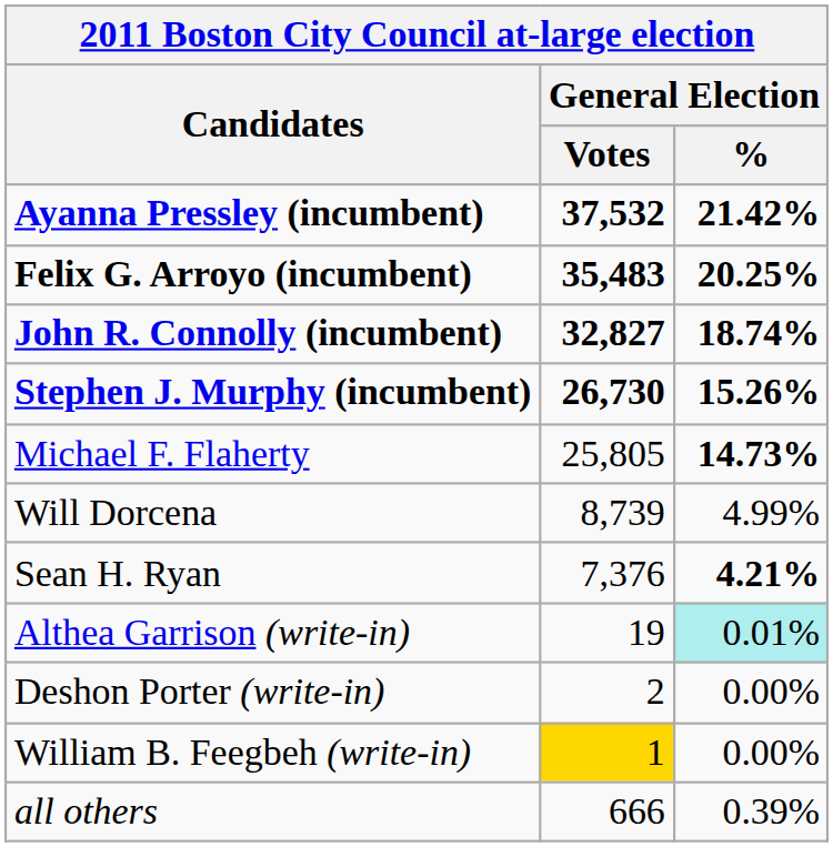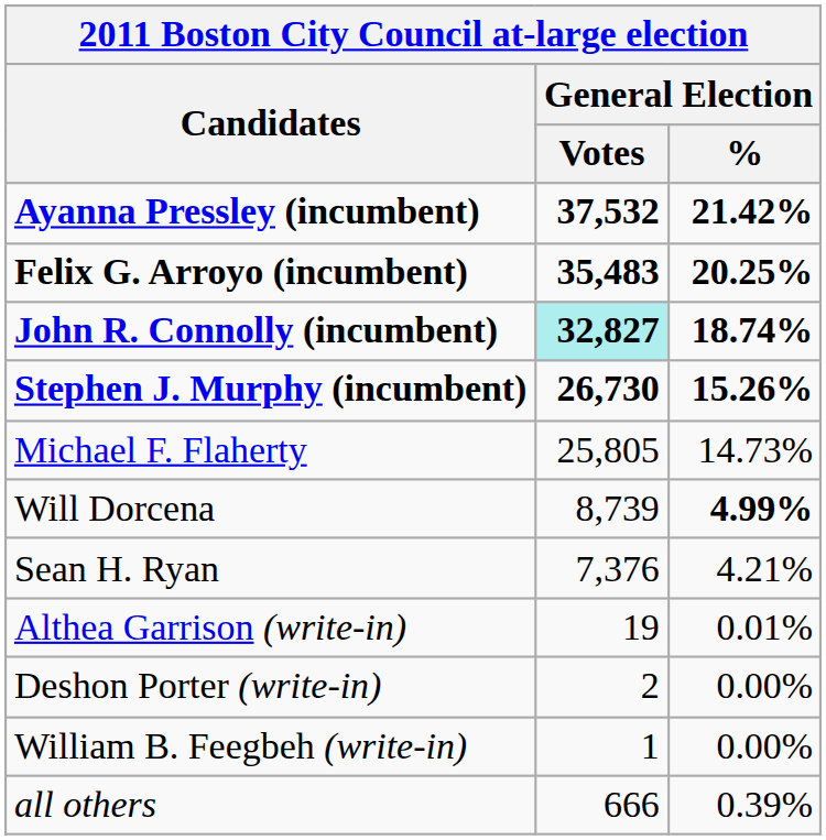 <table class=wikitable>
 <tr>
 <th colspan=3><a href='#'>2011 Boston City Council at-large election</a></th>
 </tr>
 <tr>
 <th colspan=1 rowspan=2><strong>Candidates</strong></th>
 <th colspan=2><strong>General Election</strong></th>
 </tr>
 <tr>
 <th>Votes</th>
 <th>%</th>
 </tr>
 <tr>
 <td><strong><a href='#'>Ayanna Pressley</a> (incumbent)</strong></td>
 <td align="right"><strong>37,532</strong></td>
 <td align="right"><strong>21.42%</strong></td>
 </tr>
 <tr>
 <td><strong>Felix G. Arroyo (incumbent)</strong></td>
 <td align="right"><strong>35,483</strong></td>
 <td align="right"><strong>20.25%</strong></td>
 </tr>
 <tr>
 <td><strong><a href='#'>John R. Connolly</a> (incumbent)</strong></td>
-<td align="right"><strong>32,827</strong></td>
+<td align="right" style="background: paleturquoise;"><strong>32,827</strong></td>
 <td align="right"><strong>18.74%</strong></td>
 </tr>
 <tr>
 <td><strong><a href='#'>Stephen J. Murphy</a> (incumbent)</strong></td>
 <td align="right"><strong>26,730</strong></td>
 <td align="right"><strong>15.26%</strong></td>
 </tr>
 <tr>
 <td><a href='#'>Michael F. Flaherty</a></td>
 <td align="right">25,805</td>
-<td align="right"><strong>14.73%</strong></td>
+<td align="right">14.73%</td>
 </tr>
 <tr>
 <td>Will Dorcena</td>
 <td align="right">8,739</td>
-<td align="right">4.99%</td>
+<td align="right"><strong>4.99%</strong></td>
 </tr>
 <tr>
 <td>Sean H. Ryan</td>
 <td align="right">7,376</td>
-<td align="right"><strong>4.21%</strong></td>
+<td align="right">4.21%</td>
 </tr>
 <tr>
 <td><a href='#'>Althea Garrison</a> <em>(write-in)</em></td>
 <td align="right">19</td>
-<td align="right" style="background: paleturquoise;">0.01%</td>
+<td align="right">0.01%</td>
 </tr>
 <tr>
 <td>Deshon Porter <em>(write-in)</em></td>
 <td align="right">2</td>
 <td align="right">0.00%</td>
 </tr>
 <tr>
 <td>William B. Feegbeh <em>(write-in)</em></td>
-<td align="right" style="background: gold;">1</td>
+<td align="right">1</td>
 <td align="right">0.00%</td>
 </tr>
 <tr>
 <td><em>all others</em></td>
 <td align="right">666</td>
 <td align="right">0.39%</td>
 </tr>
 </table>
